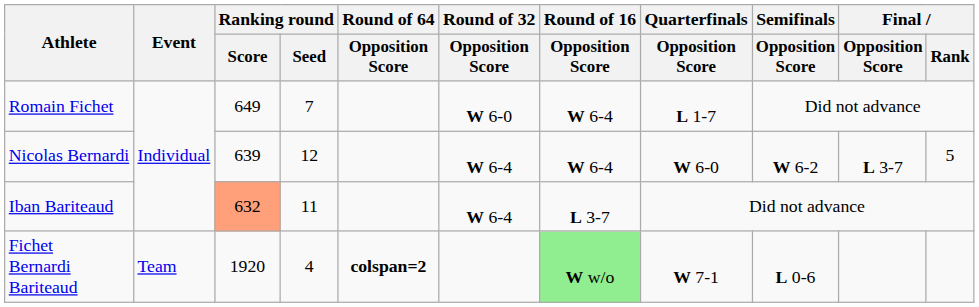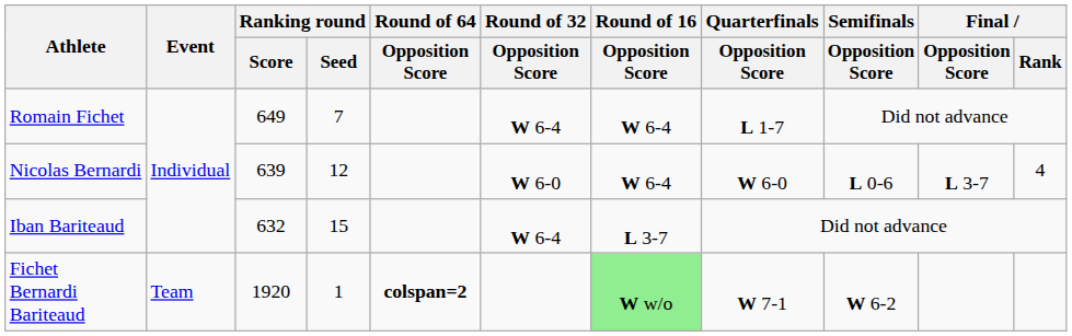 <table class="wikitable" style="font-size:90%">
 <tr>
 <th rowspan=2>Athlete</th>
 <th rowspan=2>Event</th>
 <th colspan=2>Ranking round</th>
 <th>Round of 64</th>
 <th>Round of 32</th>
 <th>Round of 16</th>
 <th>Quarterfinals</th>
 <th>Semifinals</th>
 <th colspan=2>Final / </th>
 </tr>
 <tr style="font-size:95%">
 <th>Score</th>
 <th>Seed</th>
 <th>Opposition<br>Score</th>
 <th>Opposition<br>Score</th>
 <th>Opposition<br>Score</th>
 <th>Opposition<br>Score</th>
 <th>Opposition<br>Score</th>
 <th>Opposition<br>Score</th>
 <th>Rank</th>
 </tr>
 <tr align=center>
 <td align=left><a href='#'>Romain Fichet</a></td>
 <td align=left rowspan=3><a href='#'>Individual</a></td>
 <td>649</td>
 <td>7</td>
 <td></td>
-<td><br><strong>W</strong> 6-0</td>
+<td><br><strong>W</strong> 6-4</td>
 <td><br><strong>W</strong> 6-4</td>
 <td><br><strong>L</strong> 1-7</td>
 <td colspan=3>Did not advance</td>
 </tr>
 <tr align=center>
 <td align=left><a href='#'>Nicolas Bernardi</a></td>
 <td>639</td>
 <td>12</td>
 <td></td>
-<td><br><strong>W</strong> 6-4</td>
+<td><br><strong>W</strong> 6-0</td>
 <td><br><strong>W</strong> 6-4</td>
 <td><br><strong>W</strong> 6-0</td>
-<td><br><strong>W</strong> 6-2</td>
+<td><br><strong>L</strong> 0-6</td>
 <td><br><strong>L</strong> 3-7</td>
-<td>5</td>
+<td>4</td>
 </tr>
 <tr align=center>
 <td align=left><a href='#'>Iban Bariteaud</a></td>
-<td style="background: lightsalmon;">632</td>
-<td>11</td>
+<td>632</td>
+<td>15</td>
 <td></td>
 <td><br><strong>W</strong> 6-4</td>
 <td><br><strong>L</strong> 3-7</td>
 <td colspan=4>Did not advance</td>
 </tr>
 <tr align=center>
 <td align=left><a href='#'>Fichet</a><br><a href='#'>Bernardi</a><br><a href='#'>Bariteaud</a></td>
 <td align=left><a href='#'>Team</a></td>
 <td>1920</td>
-<td>4</td>
+<td>1</td>
 <td><strong>colspan=2 </strong></td>
 <td></td>
 <td style="background: lightgreen;"><br><strong>W</strong> w/o</td>
 <td><br><strong>W</strong> 7-1</td>
-<td><br><strong>L</strong> 0-6</td>
+<td><br><strong>W</strong> 6-2</td>
 <td></td>
 </tr>
 </table>
